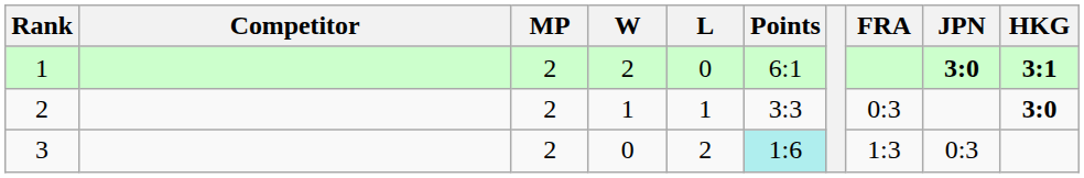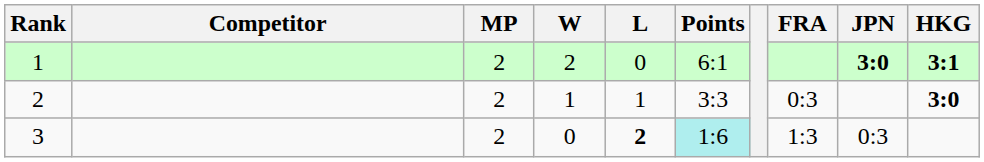 <table class="wikitable" style="text-align:center">
 <tr>
 <th>Rank</th>
 <th style="width:16em">Competitor</th>
 <th style="width:2.5em">MP</th>
 <th style="width:2.5em">W</th>
 <th style="width:2.5em">L</th>
 <th>Points</th>
 <th rowspan="4"> </th>
 <th style="width:2.5em">FRA</th>
 <th style="width:2.5em">JPN</th>
 <th style="width:2.5em">HKG</th>
 </tr>
 <tr style="background:#cfc;">
 <td>1</td>
 <td style="text-align:left"></td>
 <td>2</td>
 <td>2</td>
 <td>0</td>
 <td>6:1</td>
 <td></td>
 <td><strong>3:0</strong></td>
 <td><strong>3:1</strong></td>
 </tr>
 <tr>
 <td>2</td>
 <td style="text-align:left"></td>
 <td>2</td>
 <td>1</td>
 <td>1</td>
 <td>3:3</td>
 <td>0:3</td>
 <td></td>
 <td><strong>3:0</strong></td>
 </tr>
 <tr>
 <td>3</td>
 <td style="text-align:left"></td>
 <td>2</td>
 <td>0</td>
-<td>2</td>
+<td><strong>2</strong></td>
 <td style="background: paleturquoise;">1:6</td>
 <td>1:3</td>
 <td>0:3</td>
 <td></td>
 </tr>
 </table>
